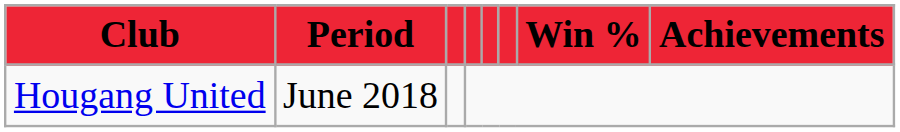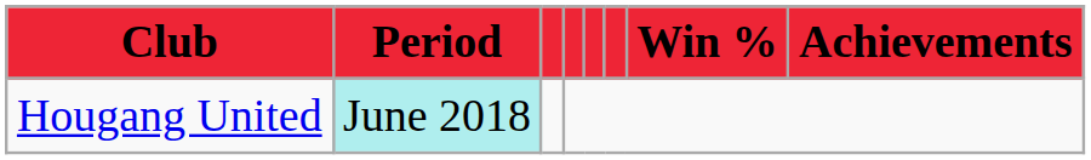 <table class="wikitable sortable plainrowheaders" style="text-align:left;">
 <tr>
 <th style="background-color:#EE2536;"><span>Club</span></th>
 <th style="background-color:#EE2536;"><span>Period</span></th>
 <th style="background-color:#EE2536;"><span></span></th>
 <th style="background-color:#EE2536;"><span></span></th>
 <th style="background-color:#EE2536;"><span></span></th>
 <th style="background-color:#EE2536;"><span></span></th>
 <th style="background-color:#EE2536;"><span>Win %</span></th>
 <th style="background-color:#EE2536;"><span>Achievements</span></th>
 </tr>
 <tr>
 <td> <a href='#'>Hougang United</a></td>
-<td>June 2018<br></td>
+<td style="background: paleturquoise;">June 2018<br></td>
 <td></td>
 </tr>
 </table>
